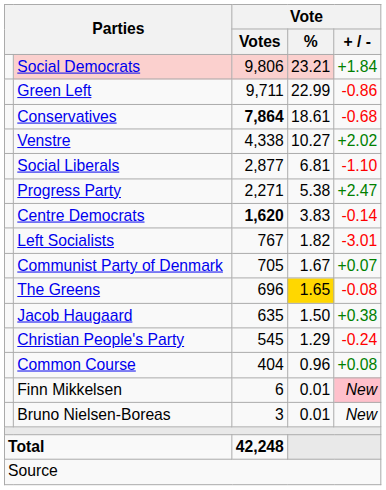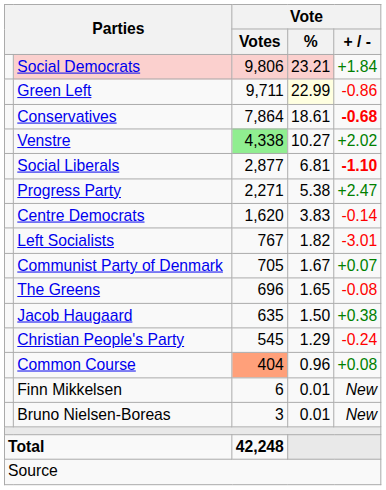 <table class="wikitable" style="text-align:right;">
 <tr>
 <th style="text-align:centre;" rowspan="2" colspan="2" width="225">Parties</th>
 <th colspan="3">Vote</th>
 </tr>
 <tr>
 <th width="15">Votes</th>
 <th width="15">%</th>
 <th width="15">+ / -</th>
 </tr>
 <tr>
 <td width="2" style="color:inherit;background:"></td>
 <td bgcolor=#fbd0ce  align="left"><a href='#'>Social Democrats</a></td>
 <td bgcolor=#fbd0ce>9,806</td>
 <td bgcolor=#fbd0ce>23.21</td>
 <td style=color:green;>+1.84</td>
 </tr>
 <tr>
 <td width="2" style="color:inherit;background:"></td>
 <td align="left"><a href='#'>Green Left</a></td>
 <td>9,711</td>
-<td>22.99</td>
+<td style="background: lightyellow;">22.99</td>
 <td style=color:red;>-0.86</td>
 </tr>
 <tr>
 <td width="2" style="color:inherit;background:"></td>
 <td align="left"><a href='#'>Conservatives</a></td>
-<td><strong>7,864</strong></td>
+<td>7,864</td>
 <td>18.61</td>
-<td style=color:red;>-0.68</td>
+<td style=color:red;><strong>-0.68</strong></td>
 </tr>
 <tr>
 <td width="2" style="color:inherit;background:"></td>
 <td align="left"><a href='#'>Venstre</a></td>
-<td>4,338</td>
+<td style="background: lightgreen;">4,338</td>
 <td>10.27</td>
 <td style=color:green;>+2.02</td>
 </tr>
 <tr>
 <td width="2" style="color:inherit;background:"></td>
 <td align="left"><a href='#'>Social Liberals</a></td>
 <td>2,877</td>
 <td>6.81</td>
-<td style=color:red;>-1.10</td>
+<td style=color:red;><strong>-1.10</strong></td>
 </tr>
 <tr>
 <td width="2" style="color:inherit;background:"></td>
 <td align="left"><a href='#'>Progress Party</a></td>
 <td>2,271</td>
 <td>5.38</td>
 <td style=color:green;>+2.47</td>
 </tr>
 <tr>
 <td width="2" style="color:inherit;background:"></td>
 <td align="left"><a href='#'>Centre Democrats</a></td>
-<td><strong>1,620</strong></td>
+<td>1,620</td>
 <td>3.83</td>
 <td style=color:red;>-0.14</td>
 </tr>
 <tr>
 <td width="2" style="color:inherit;background:"></td>
 <td align="left"><a href='#'>Left Socialists</a></td>
 <td>767</td>
 <td>1.82</td>
 <td style=color:red;>-3.01</td>
 </tr>
 <tr>
 <td width="2" style="color:inherit;background:"></td>
 <td align="left"><a href='#'>Communist Party of Denmark</a></td>
 <td>705</td>
 <td>1.67</td>
 <td style=color:green;>+0.07</td>
 </tr>
 <tr>
 <td width="2" style="color:inherit;background:"></td>
 <td align="left"><a href='#'>The Greens</a></td>
 <td>696</td>
-<td style="background: gold;">1.65</td>
+<td>1.65</td>
 <td style=color:red;>-0.08</td>
 </tr>
 <tr>
 <td width="2" style="color:inherit;background:"></td>
 <td align="left"><a href='#'>Jacob Haugaard</a></td>
 <td>635</td>
 <td>1.50</td>
 <td style=color:green;>+0.38</td>
 </tr>
 <tr>
 <td width="2" style="color:inherit;background:"></td>
 <td align="left"><a href='#'>Christian People's Party</a></td>
 <td>545</td>
 <td>1.29</td>
 <td style=color:red;>-0.24</td>
 </tr>
 <tr>
 <td width="2" style="color:inherit;background:"></td>
 <td align="left"><a href='#'>Common Course</a></td>
-<td>404</td>
+<td style="background: lightsalmon;">404</td>
 <td>0.96</td>
 <td style=color:green;>+0.08</td>
 </tr>
 <tr>
 <td width="2" style="color:inherit;background:"></td>
 <td align="left">Finn Mikkelsen</td>
 <td>6</td>
 <td>0.01</td>
-<td style="background: pink;"><em>New</em></td>
+<td><em>New</em></td>
 </tr>
 <tr>
 <td width="2" style="color:inherit;background:"></td>
 <td align="left">Bruno Nielsen-Boreas</td>
 <td>3</td>
 <td>0.01</td>
 <td><em>New</em></td>
 </tr>
 <tr>
 <td colspan="7" bgcolor="#E9E9E9"></td>
 </tr>
 <tr>
 <td align="left" colspan="2"><strong>Total</strong></td>
 <td><strong>42,248</strong></td>
 <td bgcolor="#E9E9E9" colspan="2"></td>
 </tr>
 <tr>
 <td align="left" colspan="6">Source</td>
 </tr>
 </table>
